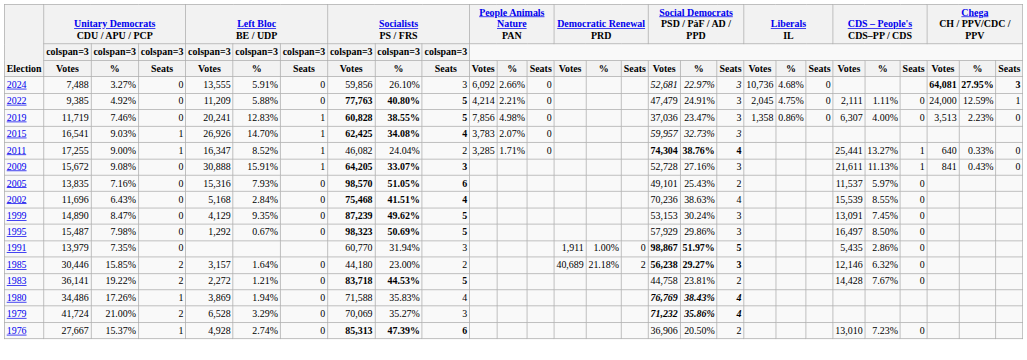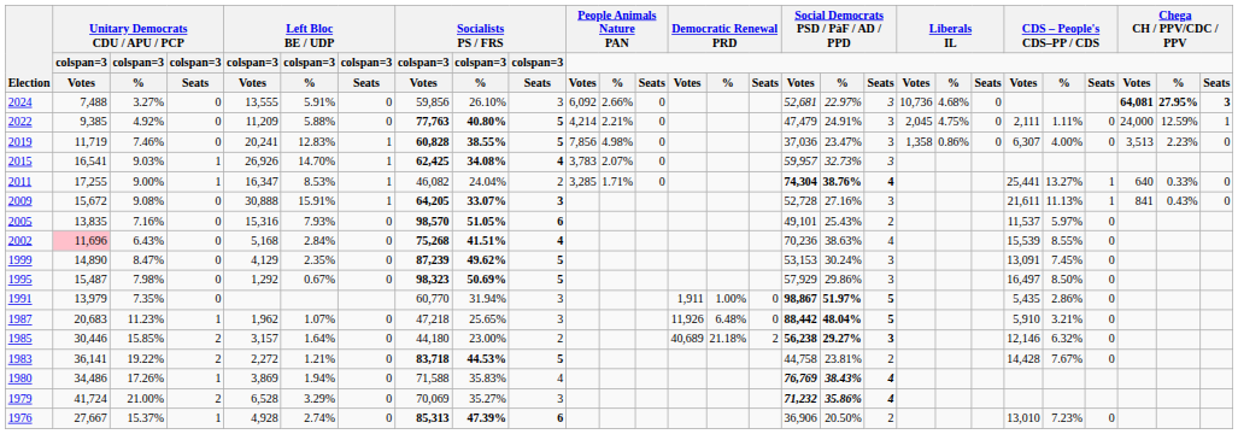 <table class="wikitable" border="1" style="font-size:85%; text-align:right;">
 <tr>
 <th style="text-align:left;" valign=bottom rowspan=3>Election</th>
 <th valign=bottom colspan=3><a href='#'>Unitary Democrats</a><br>CDU / APU / PCP</th>
 <th valign=bottom colspan=3><a href='#'>Left Bloc</a><br>BE / UDP</th>
 <th valign=bottom colspan=3><a href='#'>Socialists</a><br>PS / FRS</th>
 <th valign=bottom colspan=3><a href='#'>People Animals Nature</a><br>PAN</th>
 <th valign=bottom colspan=3><a href='#'>Democratic Renewal</a><br>PRD</th>
 <th valign=bottom colspan=3><a href='#'>Social Democrats</a><br>PSD / PàF / AD / PPD</th>
 <th valign=bottom colspan=3><a href='#'>Liberals</a><br>IL</th>
 <th valign=bottom colspan=3><a href='#'>CDS – People's</a><br>CDS–PP / CDS</th>
 <th valign=bottom colspan=3><a href='#'>Chega</a><br>CH / PPV/CDC / PPV</th>
 </tr>
 <tr>
 <th>colspan=3 </th>
 <th>colspan=3 </th>
 <th>colspan=3 </th>
 <th>colspan=3 </th>
 <th>colspan=3 </th>
 <th>colspan=3 </th>
 <th>colspan=3 </th>
 <th>colspan=3 </th>
 <th>colspan=3 </th>
 </tr>
 <tr>
 <th>Votes</th>
 <th>%</th>
 <th>Seats</th>
 <th>Votes</th>
 <th>%</th>
 <th>Seats</th>
 <th>Votes</th>
 <th>%</th>
 <th>Seats</th>
 <th>Votes</th>
 <th>%</th>
 <th>Seats</th>
 <th>Votes</th>
 <th>%</th>
 <th>Seats</th>
 <th>Votes</th>
 <th>%</th>
 <th>Seats</th>
 <th>Votes</th>
 <th>%</th>
 <th>Seats</th>
 <th>Votes</th>
 <th>%</th>
 <th>Seats</th>
 <th>Votes</th>
 <th>%</th>
 <th>Seats</th>
 </tr>
 <tr>
 <td align=left><a href='#'>2024</a></td>
 <td>7,488</td>
 <td>3.27%</td>
 <td>0</td>
 <td>13,555</td>
 <td>5.91%</td>
 <td>0</td>
 <td>59,856</td>
 <td>26.10%</td>
 <td>3</td>
 <td>6,092</td>
 <td>2.66%</td>
 <td>0</td>
 <td></td>
 <td></td>
 <td></td>
 <td><em>52,681</em></td>
 <td><em>22.97%</em></td>
 <td><em>3</em></td>
 <td>10,736</td>
 <td>4.68%</td>
 <td>0</td>
 <td></td>
 <td></td>
 <td></td>
 <td><strong>64,081</strong></td>
 <td><strong>27.95%</strong></td>
 <td><strong>3</strong></td>
 </tr>
 <tr>
 <td align=left><a href='#'>2022</a></td>
 <td>9,385</td>
 <td>4.92%</td>
 <td>0</td>
 <td>11,209</td>
 <td>5.88%</td>
 <td>0</td>
 <td><strong>77,763</strong></td>
 <td><strong>40.80%</strong></td>
 <td><strong>5</strong></td>
 <td>4,214</td>
 <td>2.21%</td>
 <td>0</td>
 <td></td>
 <td></td>
 <td></td>
 <td>47,479</td>
 <td>24.91%</td>
 <td>3</td>
 <td>2,045</td>
 <td>4.75%</td>
 <td>0</td>
 <td>2,111</td>
 <td>1.11%</td>
 <td>0</td>
 <td>24,000</td>
 <td>12.59%</td>
 <td>1</td>
 </tr>
 <tr>
 <td align=left><a href='#'>2019</a></td>
 <td>11,719</td>
 <td>7.46%</td>
 <td>0</td>
 <td>20,241</td>
 <td>12.83%</td>
 <td>1</td>
 <td><strong>60,828</strong></td>
 <td><strong>38.55%</strong></td>
 <td><strong>5</strong></td>
 <td>7,856</td>
 <td>4.98%</td>
 <td>0</td>
 <td></td>
 <td></td>
 <td></td>
 <td>37,036</td>
 <td>23.47%</td>
 <td>3</td>
 <td>1,358</td>
 <td>0.86%</td>
 <td>0</td>
 <td>6,307</td>
 <td>4.00%</td>
 <td>0</td>
 <td>3,513</td>
 <td>2.23%</td>
 <td>0</td>
 </tr>
 <tr>
 <td align=left><a href='#'>2015</a></td>
 <td>16,541</td>
 <td>9.03%</td>
 <td>1</td>
 <td>26,926</td>
 <td>14.70%</td>
 <td>1</td>
 <td><strong>62,425</strong></td>
 <td><strong>34.08%</strong></td>
 <td><strong>4</strong></td>
 <td>3,783</td>
 <td>2.07%</td>
 <td>0</td>
 <td></td>
 <td></td>
 <td></td>
 <td><em>59,957</em></td>
 <td><em>32.73%</em></td>
 <td><em>3</em></td>
 <td></td>
 <td></td>
 <td></td>
 <td></td>
 <td></td>
 <td></td>
 <td></td>
 <td></td>
 <td></td>
 </tr>
 <tr>
 <td align=left><a href='#'>2011</a></td>
 <td>17,255</td>
 <td>9.00%</td>
 <td>1</td>
 <td>16,347</td>
-<td>8.52%</td>
+<td>8.53%</td>
 <td>1</td>
 <td>46,082</td>
 <td>24.04%</td>
 <td>2</td>
 <td>3,285</td>
 <td>1.71%</td>
 <td>0</td>
 <td></td>
 <td></td>
 <td></td>
 <td><strong>74,304</strong></td>
 <td><strong>38.76%</strong></td>
 <td><strong>4</strong></td>
 <td></td>
 <td></td>
 <td></td>
 <td>25,441</td>
 <td>13.27%</td>
 <td>1</td>
 <td>640</td>
 <td>0.33%</td>
 <td>0</td>
 </tr>
 <tr>
 <td align=left><a href='#'>2009</a></td>
 <td>15,672</td>
 <td>9.08%</td>
 <td>0</td>
 <td>30,888</td>
 <td>15.91%</td>
 <td>1</td>
 <td><strong>64,205</strong></td>
 <td><strong>33.07%</strong></td>
 <td><strong>3</strong></td>
 <td></td>
 <td></td>
 <td></td>
 <td></td>
 <td></td>
 <td></td>
 <td>52,728</td>
 <td>27.16%</td>
 <td>3</td>
 <td></td>
 <td></td>
 <td></td>
 <td>21,611</td>
 <td>11.13%</td>
 <td>1</td>
 <td>841</td>
 <td>0.43%</td>
 <td>0</td>
 </tr>
 <tr>
 <td align=left><a href='#'>2005</a></td>
 <td>13,835</td>
 <td>7.16%</td>
 <td>0</td>
 <td>15,316</td>
 <td>7.93%</td>
 <td>0</td>
 <td><strong>98,570</strong></td>
 <td><strong>51.05%</strong></td>
 <td><strong>6</strong></td>
 <td></td>
 <td></td>
 <td></td>
 <td></td>
 <td></td>
 <td></td>
 <td>49,101</td>
 <td>25.43%</td>
 <td>2</td>
 <td></td>
 <td></td>
 <td></td>
 <td>11,537</td>
 <td>5.97%</td>
 <td>0</td>
 <td></td>
 <td></td>
 <td></td>
 </tr>
 <tr>
 <td align=left><a href='#'>2002</a></td>
-<td>11,696</td>
+<td style="background: pink;">11,696</td>
 <td>6.43%</td>
 <td>0</td>
 <td>5,168</td>
 <td>2.84%</td>
 <td>0</td>
-<td><strong>75,468</strong></td>
+<td><strong>75,268</strong></td>
 <td><strong>41.51%</strong></td>
 <td><strong>4</strong></td>
 <td></td>
 <td></td>
 <td></td>
 <td></td>
 <td></td>
 <td></td>
 <td>70,236</td>
 <td>38.63%</td>
 <td>4</td>
 <td></td>
 <td></td>
 <td></td>
 <td>15,539</td>
 <td>8.55%</td>
 <td>0</td>
 <td></td>
 <td></td>
 <td></td>
 </tr>
 <tr>
 <td align=left><a href='#'>1999</a></td>
 <td>14,890</td>
 <td>8.47%</td>
 <td>0</td>
 <td>4,129</td>
-<td>9.35%</td>
+<td>2.35%</td>
 <td>0</td>
 <td><strong>87,239</strong></td>
 <td><strong>49.62%</strong></td>
 <td><strong>5</strong></td>
 <td></td>
 <td></td>
 <td></td>
 <td></td>
 <td></td>
 <td></td>
 <td>53,153</td>
 <td>30.24%</td>
 <td>3</td>
 <td></td>
 <td></td>
 <td></td>
 <td>13,091</td>
 <td>7.45%</td>
 <td>0</td>
 <td></td>
 <td></td>
 <td></td>
 </tr>
 <tr>
 <td align=left><a href='#'>1995</a></td>
 <td>15,487</td>
 <td>7.98%</td>
 <td>0</td>
 <td>1,292</td>
 <td>0.67%</td>
 <td>0</td>
 <td><strong>98,323</strong></td>
 <td><strong>50.69%</strong></td>
 <td><strong>5</strong></td>
 <td></td>
 <td></td>
 <td></td>
 <td></td>
 <td></td>
 <td></td>
 <td>57,929</td>
 <td>29.86%</td>
 <td>3</td>
 <td></td>
 <td></td>
 <td></td>
 <td>16,497</td>
 <td>8.50%</td>
 <td>0</td>
 <td></td>
 <td></td>
 <td></td>
 </tr>
 <tr>
 <td align=left><a href='#'>1991</a></td>
 <td>13,979</td>
 <td>7.35%</td>
 <td>0</td>
 <td></td>
 <td></td>
 <td></td>
 <td>60,770</td>
 <td>31.94%</td>
 <td>3</td>
 <td></td>
 <td></td>
 <td></td>
 <td>1,911</td>
 <td>1.00%</td>
 <td>0</td>
 <td><strong>98,867</strong></td>
 <td><strong>51.97%</strong></td>
 <td><strong>5</strong></td>
 <td></td>
 <td></td>
 <td></td>
 <td>5,435</td>
 <td>2.86%</td>
+<td>0</td>
+<td></td>
+<td></td>
+<td></td>
+</tr>
+<tr>
+<td align=left><a href='#'>1987</a></td>
+<td>20,683</td>
+<td>11.23%</td>
+<td>1</td>
+<td>1,962</td>
+<td>1.07%</td>
+<td>0</td>
+<td>47,218</td>
+<td>25.65%</td>
+<td>3</td>
+<td></td>
+<td></td>
+<td></td>
+<td>11,926</td>
+<td>6.48%</td>
+<td>0</td>
+<td><strong>88,442</strong></td>
+<td><strong>48.04%</strong></td>
+<td><strong>5</strong></td>
+<td></td>
+<td></td>
+<td></td>
+<td>5,910</td>
+<td>3.21%</td>
 <td>0</td>
 <td></td>
 <td></td>
 <td></td>
 </tr>
 <tr>
 <td align=left><a href='#'>1985</a></td>
 <td>30,446</td>
 <td>15.85%</td>
 <td>2</td>
 <td>3,157</td>
 <td>1.64%</td>
 <td>0</td>
 <td>44,180</td>
 <td>23.00%</td>
 <td>2</td>
 <td></td>
 <td></td>
 <td></td>
 <td>40,689</td>
 <td>21.18%</td>
 <td>2</td>
 <td><strong>56,238</strong></td>
 <td><strong>29.27%</strong></td>
 <td><strong>3</strong></td>
 <td></td>
 <td></td>
 <td></td>
 <td>12,146</td>
 <td>6.32%</td>
 <td>0</td>
 <td></td>
 <td></td>
 <td></td>
 </tr>
 <tr>
 <td align=left><a href='#'>1983</a></td>
 <td>36,141</td>
 <td>19.22%</td>
 <td>2</td>
 <td>2,272</td>
 <td>1.21%</td>
 <td>0</td>
 <td><strong>83,718</strong></td>
 <td><strong>44.53%</strong></td>
 <td><strong>5</strong></td>
 <td></td>
 <td></td>
 <td></td>
 <td></td>
 <td></td>
 <td></td>
 <td>44,758</td>
 <td>23.81%</td>
 <td>2</td>
 <td></td>
 <td></td>
 <td></td>
 <td>14,428</td>
 <td>7.67%</td>
 <td>0</td>
 <td></td>
 <td></td>
 <td></td>
 </tr>
 <tr>
 <td align=left><a href='#'>1980</a></td>
 <td>34,486</td>
 <td>17.26%</td>
 <td>1</td>
 <td>3,869</td>
 <td>1.94%</td>
 <td>0</td>
 <td>71,588</td>
 <td>35.83%</td>
 <td>4</td>
 <td></td>
 <td></td>
 <td></td>
 <td></td>
 <td></td>
 <td></td>
 <td><strong><em>76,769</em></strong></td>
 <td><strong><em>38.43%</em></strong></td>
 <td><strong><em>4</em></strong></td>
 <td></td>
 <td></td>
 <td></td>
 <td></td>
 <td></td>
 <td></td>
 <td></td>
 <td></td>
 <td></td>
 </tr>
 <tr>
 <td align=left><a href='#'>1979</a></td>
 <td>41,724</td>
 <td>21.00%</td>
 <td>2</td>
 <td>6,528</td>
 <td>3.29%</td>
 <td>0</td>
 <td>70,069</td>
 <td>35.27%</td>
 <td>3</td>
 <td></td>
 <td></td>
 <td></td>
 <td></td>
 <td></td>
 <td></td>
 <td><strong><em>71,232</em></strong></td>
 <td><strong><em>35.86%</em></strong></td>
 <td><strong><em>4</em></strong></td>
 <td></td>
 <td></td>
 <td></td>
 <td></td>
 <td></td>
 <td></td>
 <td></td>
 <td></td>
 <td></td>
 </tr>
 <tr>
 <td align=left><a href='#'>1976</a></td>
 <td>27,667</td>
 <td>15.37%</td>
 <td>1</td>
 <td>4,928</td>
 <td>2.74%</td>
 <td>0</td>
 <td><strong>85,313</strong></td>
 <td><strong>47.39%</strong></td>
 <td><strong>6</strong></td>
 <td></td>
 <td></td>
 <td></td>
 <td></td>
 <td></td>
 <td></td>
 <td>36,906</td>
 <td>20.50%</td>
 <td>2</td>
 <td></td>
 <td></td>
 <td></td>
 <td>13,010</td>
 <td>7.23%</td>
 <td>0</td>
 <td></td>
 <td></td>
 <td></td>
 </tr>
 </table>
